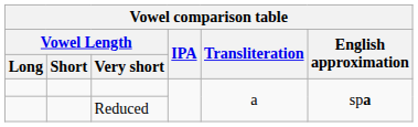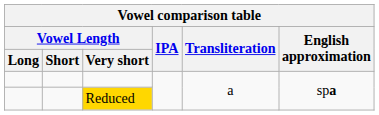 <table class="wikitable">
 <tr>
 <th colspan=6>Vowel comparison table</th>
 </tr>
 <tr align=center>
 <th colspan=3><a href='#'>Vowel Length</a></th>
 <th rowspan=2><a href='#'>IPA</a></th>
 <th rowspan=2><a href='#'>Transliteration</a></th>
 <th rowspan=2>English<br>approximation</th>
 </tr>
 <tr>
 <th>Long</th>
 <th>Short</th>
 <th>Very short</th>
 </tr>
 <tr align=center>
 <td style="font-size:26px; padding-bottom:12px"></td>
 <td style="font-size:26px; padding-bottom:12px"></td>
 <td style="font-size:26px; padding-bottom:12px"></td>
 <td rowspan="2"></td>
 <td rowspan="2">a</td>
 <td rowspan="2">sp<strong>a</strong></td>
 </tr>
 <tr>
 <td></td>
 <td></td>
-<td>Reduced </td>
+<td style="background: gold;">Reduced </td>
 </tr>
 </table>
